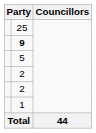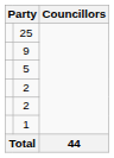 <table class="wikitable">
 <tr>
 <th colspan=2>Party</th>
 <th>Councillors</th>
 </tr>
 <tr>
 <td></td>
 <td align=center>25</td>
 </tr>
 <tr>
 <td></td>
-<td align=center><strong>9</strong></td>
+<td align=center>9</td>
 </tr>
 <tr>
 <td></td>
 <td align=center>5</td>
 </tr>
 <tr>
 <td></td>
 <td align=center>2</td>
 </tr>
 <tr>
 <td></td>
 <td align=center>2</td>
 </tr>
 <tr>
 <td></td>
 <td align=center>1</td>
 </tr>
 <tr>
 <th colspan=2>Total</th>
 <th align=center>44</th>
 </tr>
 </table>
